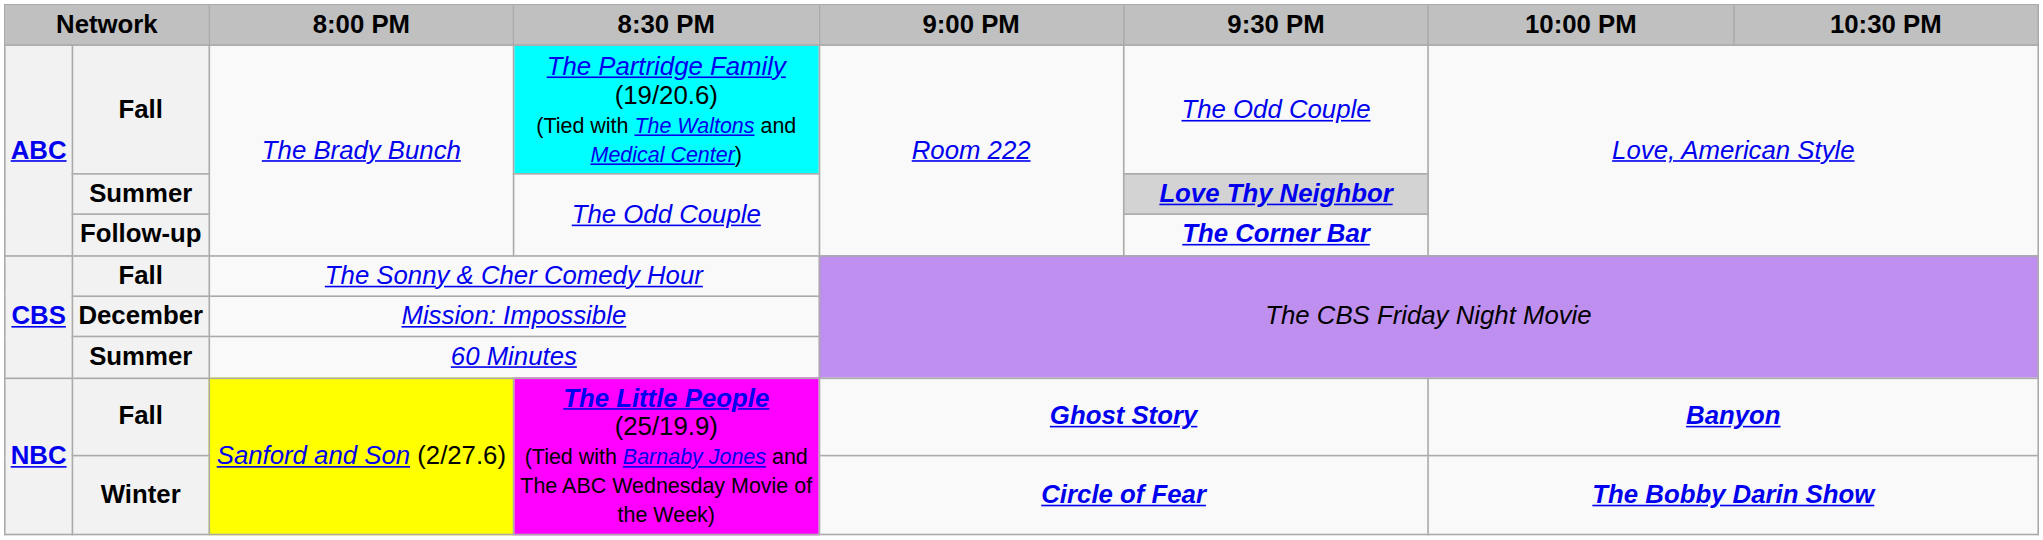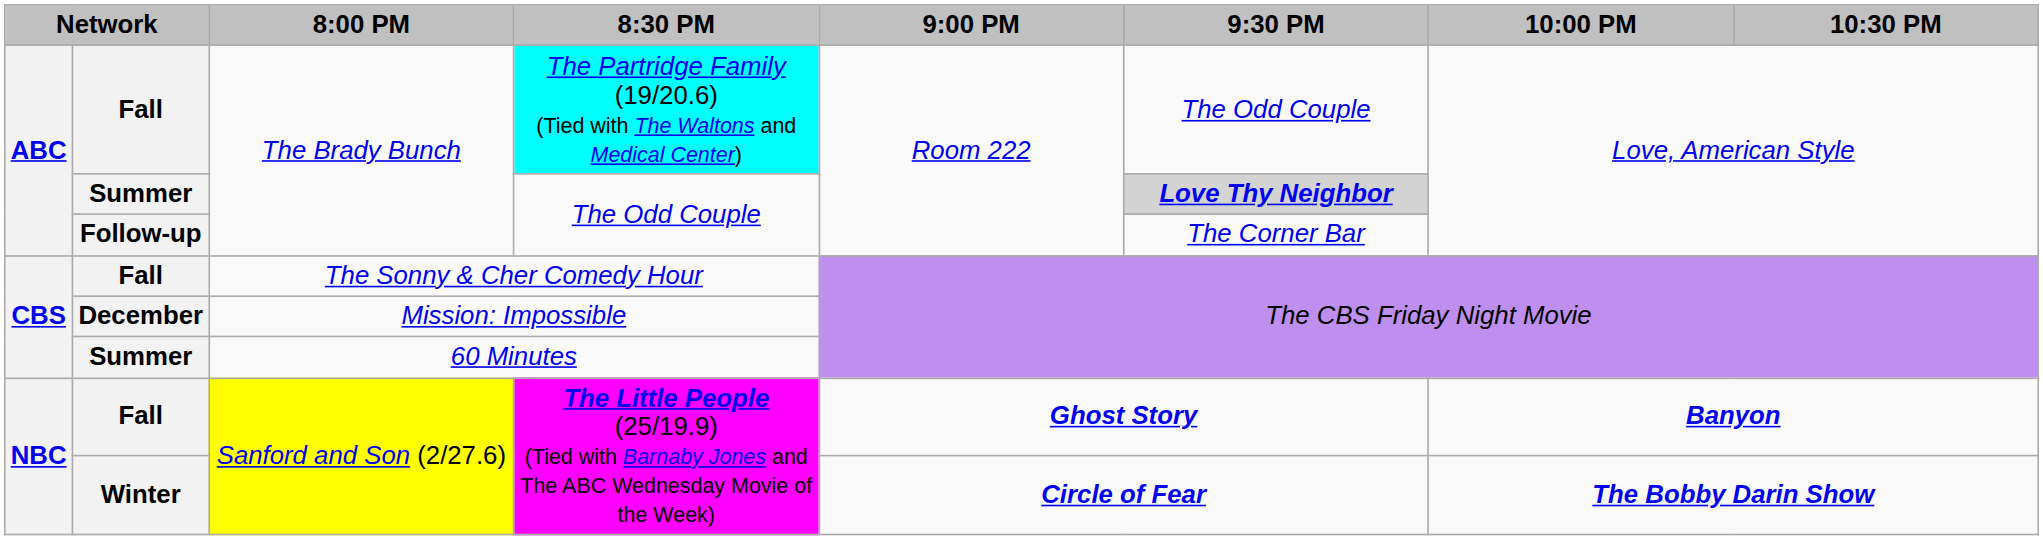 <table class="wikitable plainrowheaders" style="width:100%; margin:auto; text-align:center;">
 <tr>
 <th colspan="2" style="background-color:#C0C0C0;width:10%;">Network</th>
 <th style="background-color:#C0C0C0;width:15%;">8:00 PM</th>
 <th style="background-color:#C0C0C0;width:15%;">8:30 PM</th>
 <th style="background-color:#C0C0C0;width:15%;">9:00 PM</th>
 <th style="background-color:#C0C0C0;width:15%;">9:30 PM</th>
 <th style="background-color:#C0C0C0;width:15%;">10:00 PM</th>
 <th style="background-color:#C0C0C0;width:15%;">10:30 PM</th>
 </tr>
 <tr>
 <th rowspan="3"><a href='#'>ABC</a></th>
 <th>Fall</th>
 <td rowspan="3"><em><a href='#'>The Brady Bunch</a></em></td>
 <td bgcolor="#00FFFF"><em><a href='#'>The Partridge Family</a></em> (19/20.6)<br><small>(Tied with <em><a href='#'>The Waltons</a></em> and <em><a href='#'>Medical Center</a></em>)</small></td>
 <td rowspan="3"><em><a href='#'>Room 222</a></em></td>
 <td><em><a href='#'>The Odd Couple</a></em></td>
 <td colspan="2" rowspan="3"><em><a href='#'>Love, American Style</a></em></td>
 </tr>
 <tr>
 <th>Summer</th>
 <td rowspan="2"><em><a href='#'>The Odd Couple</a></em></td>
 <td style="background: lightgrey;"><strong><em><a href='#'>Love Thy Neighbor</a></em></strong></td>
 </tr>
 <tr>
 <th>Follow-up</th>
-<td><strong><em><a href='#'>The Corner Bar</a></em></strong></td>
+<td><em><a href='#'>The Corner Bar</a></em></td>
 </tr>
 <tr>
 <th rowspan="3"><a href='#'>CBS</a></th>
 <th>Fall</th>
 <td colspan="2"><em><a href='#'>The Sonny & Cher Comedy Hour</a></em></td>
 <td bgcolor="#bf8fef" colspan="4" rowspan="3"><em>The CBS Friday Night Movie</em></td>
 </tr>
 <tr>
 <th>December</th>
 <td colspan="2"><em><a href='#'>Mission: Impossible</a></em></td>
 </tr>
 <tr>
 <th>Summer</th>
 <td colspan="2"><em><a href='#'>60 Minutes</a></em></td>
 </tr>
 <tr>
 <th rowspan="2"><a href='#'>NBC</a></th>
 <th>Fall</th>
 <td bgcolor="#FFFF00" rowspan="2"><em><a href='#'>Sanford and Son</a></em> (2/27.6)</td>
 <td bgcolor="#FF00FF" rowspan="2"><strong><em><a href='#'>The Little People</a></em></strong> (25/19.9)<br><small>(Tied with <em><a href='#'>Barnaby Jones</a></em> and The ABC Wednesday Movie of the Week)</small></td>
 <td colspan="2"><strong><em><a href='#'>Ghost Story</a></em></strong></td>
 <td colspan="2"><strong><em><a href='#'>Banyon</a></em></strong></td>
 </tr>
 <tr>
 <th>Winter</th>
 <td colspan="2"><strong><em><a href='#'>Circle of Fear</a></em></strong></td>
 <td colspan="2"><strong><em><a href='#'>The Bobby Darin Show</a></em></strong></td>
 </tr>
 </table>
